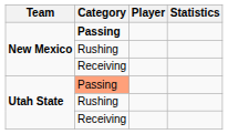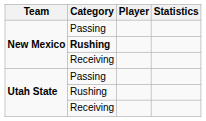 <table class="wikitable" style="float: right;">
 <tr>
 <th>Team</th>
 <th>Category</th>
 <th>Player</th>
 <th>Statistics</th>
 </tr>
 <tr>
 <td rowspan=3><strong>New Mexico</strong></td>
-<td><strong>Passing</strong></td>
+<td>Passing</td>
 <td></td>
 <td></td>
 </tr>
 <tr>
-<td>Rushing</td>
+<td><strong>Rushing</strong></td>
 <td></td>
 <td></td>
 </tr>
 <tr>
 <td>Receiving</td>
 <td></td>
 <td></td>
 </tr>
 <tr>
 <td rowspan=3><strong>Utah State</strong></td>
-<td style="background: lightsalmon;">Passing</td>
+<td>Passing</td>
 <td></td>
 <td></td>
 </tr>
 <tr>
 <td>Rushing</td>
 <td></td>
 <td></td>
 </tr>
 <tr>
 <td>Receiving</td>
 <td></td>
 <td></td>
 </tr>
 </table>
